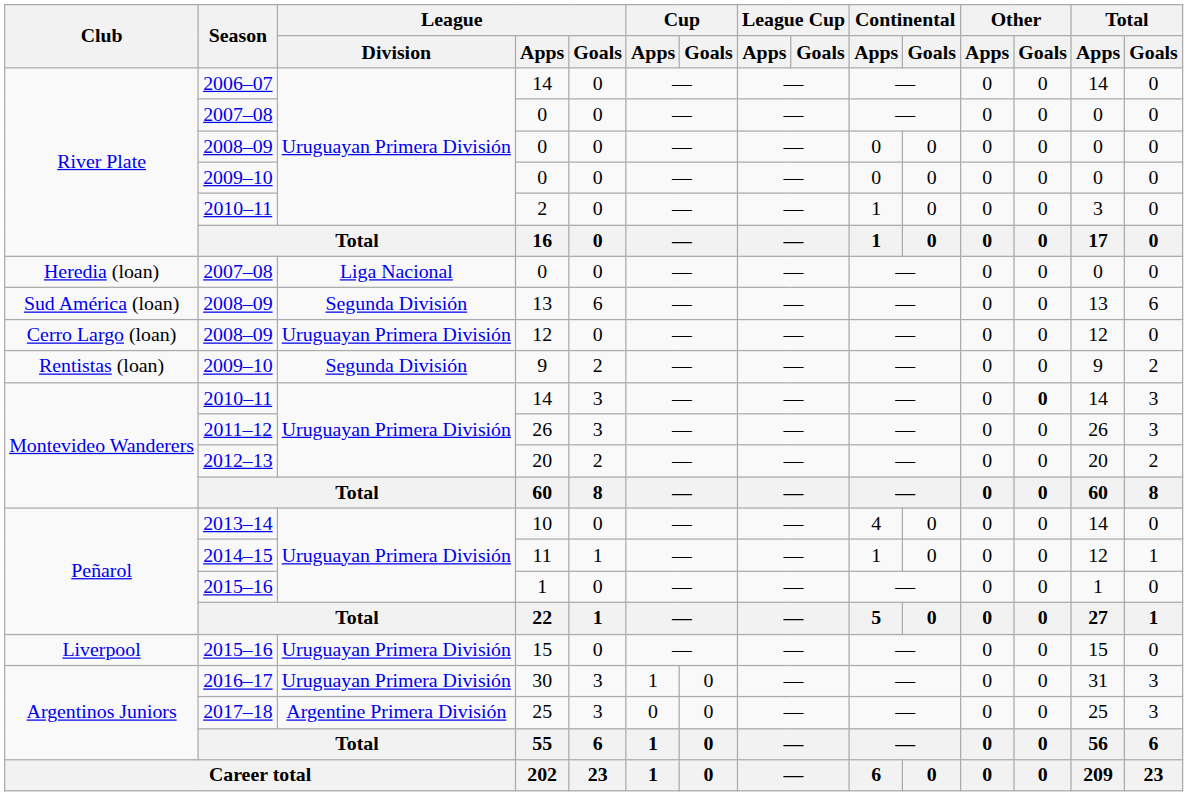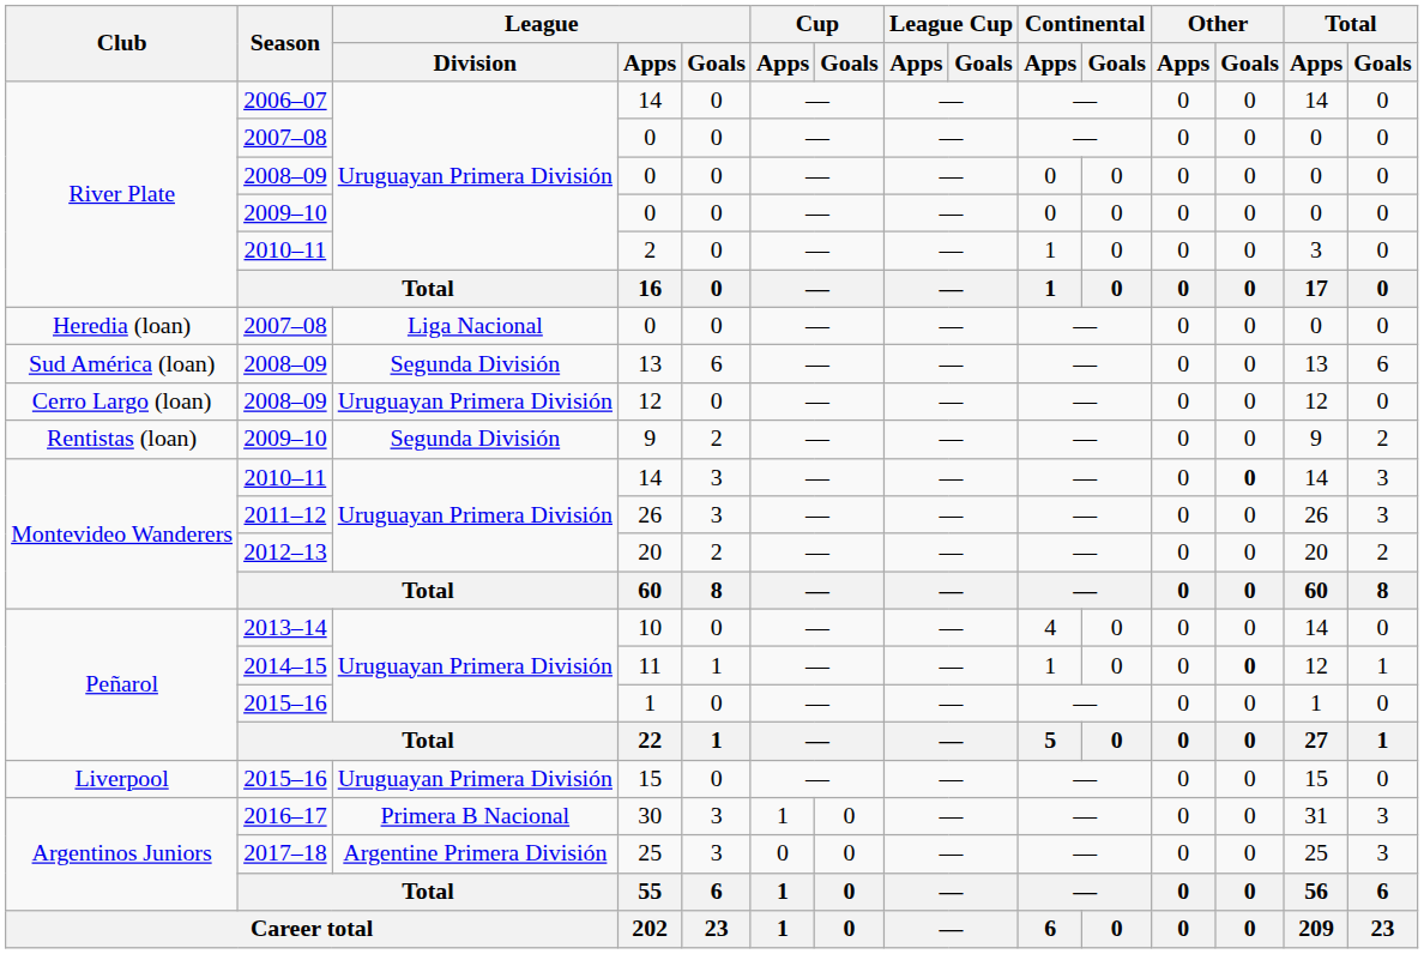 <table class="wikitable" style="text-align:center">
 <tr>
 <th rowspan="2">Club</th>
 <th rowspan="2">Season</th>
 <th colspan="3">League</th>
 <th colspan="2">Cup</th>
 <th colspan="2">League Cup</th>
 <th colspan="2">Continental</th>
 <th colspan="2">Other</th>
 <th colspan="2">Total</th>
 </tr>
 <tr>
 <th>Division</th>
 <th>Apps</th>
 <th>Goals</th>
 <th>Apps</th>
 <th>Goals</th>
 <th>Apps</th>
 <th>Goals</th>
 <th>Apps</th>
 <th>Goals</th>
 <th>Apps</th>
 <th>Goals</th>
 <th>Apps</th>
 <th>Goals</th>
 </tr>
 <tr>
 <td rowspan="6"><a href='#'>River Plate</a></td>
 <td><a href='#'>2006–07</a></td>
 <td rowspan="5"><a href='#'>Uruguayan Primera División</a></td>
 <td>14</td>
 <td>0</td>
 <td colspan="2">—</td>
 <td colspan="2">—</td>
 <td colspan="2">—</td>
 <td>0</td>
 <td>0</td>
 <td>14</td>
 <td>0</td>
 </tr>
 <tr>
 <td><a href='#'>2007–08</a></td>
 <td>0</td>
 <td>0</td>
 <td colspan="2">—</td>
 <td colspan="2">—</td>
 <td colspan="2">—</td>
 <td>0</td>
 <td>0</td>
 <td>0</td>
 <td>0</td>
 </tr>
 <tr>
 <td><a href='#'>2008–09</a></td>
 <td>0</td>
 <td>0</td>
 <td colspan="2">—</td>
 <td colspan="2">—</td>
 <td>0</td>
 <td>0</td>
 <td>0</td>
 <td>0</td>
 <td>0</td>
 <td>0</td>
 </tr>
 <tr>
 <td><a href='#'>2009–10</a></td>
 <td>0</td>
 <td>0</td>
 <td colspan="2">—</td>
 <td colspan="2">—</td>
 <td>0</td>
 <td>0</td>
 <td>0</td>
 <td>0</td>
 <td>0</td>
 <td>0</td>
 </tr>
 <tr>
 <td><a href='#'>2010–11</a></td>
 <td>2</td>
 <td>0</td>
 <td colspan="2">—</td>
 <td colspan="2">—</td>
 <td>1</td>
 <td>0</td>
 <td>0</td>
 <td>0</td>
 <td>3</td>
 <td>0</td>
 </tr>
 <tr>
 <th colspan="2">Total</th>
 <th>16</th>
 <th>0</th>
 <th colspan="2">—</th>
 <th colspan="2">—</th>
 <th>1</th>
 <th>0</th>
 <th>0</th>
 <th>0</th>
 <th>17</th>
 <th>0</th>
 </tr>
 <tr>
 <td rowspan="1"><a href='#'>Heredia</a> (loan)</td>
 <td><a href='#'>2007–08</a></td>
 <td rowspan="1"><a href='#'>Liga Nacional</a></td>
 <td>0</td>
 <td>0</td>
 <td colspan="2">—</td>
 <td colspan="2">—</td>
 <td colspan="2">—</td>
 <td>0</td>
 <td>0</td>
 <td>0</td>
 <td>0</td>
 </tr>
 <tr>
 <td rowspan="1"><a href='#'>Sud América</a> (loan)</td>
 <td><a href='#'>2008–09</a></td>
 <td rowspan="1"><a href='#'>Segunda División</a></td>
 <td>13</td>
 <td>6</td>
 <td colspan="2">—</td>
 <td colspan="2">—</td>
 <td colspan="2">—</td>
 <td>0</td>
 <td>0</td>
 <td>13</td>
 <td>6</td>
 </tr>
 <tr>
 <td rowspan="1"><a href='#'>Cerro Largo</a> (loan)</td>
 <td><a href='#'>2008–09</a></td>
 <td rowspan="1"><a href='#'>Uruguayan Primera División</a></td>
 <td>12</td>
 <td>0</td>
 <td colspan="2">—</td>
 <td colspan="2">—</td>
 <td colspan="2">—</td>
 <td>0</td>
 <td>0</td>
 <td>12</td>
 <td>0</td>
 </tr>
 <tr>
 <td rowspan="1"><a href='#'>Rentistas</a> (loan)</td>
 <td><a href='#'>2009–10</a></td>
 <td rowspan="1"><a href='#'>Segunda División</a></td>
 <td>9</td>
 <td>2</td>
 <td colspan="2">—</td>
 <td colspan="2">—</td>
 <td colspan="2">—</td>
 <td>0</td>
 <td>0</td>
 <td>9</td>
 <td>2</td>
 </tr>
 <tr>
 <td rowspan="4"><a href='#'>Montevideo Wanderers</a></td>
 <td><a href='#'>2010–11</a></td>
 <td rowspan="3"><a href='#'>Uruguayan Primera División</a></td>
 <td>14</td>
 <td>3</td>
 <td colspan="2">—</td>
 <td colspan="2">—</td>
 <td colspan="2">—</td>
 <td>0</td>
 <td><strong>0</strong></td>
 <td>14</td>
 <td>3</td>
 </tr>
 <tr>
 <td><a href='#'>2011–12</a></td>
 <td>26</td>
 <td>3</td>
 <td colspan="2">—</td>
 <td colspan="2">—</td>
 <td colspan="2">—</td>
 <td>0</td>
 <td>0</td>
 <td>26</td>
 <td>3</td>
 </tr>
 <tr>
 <td><a href='#'>2012–13</a></td>
 <td>20</td>
 <td>2</td>
 <td colspan="2">—</td>
 <td colspan="2">—</td>
 <td colspan="2">—</td>
 <td>0</td>
 <td>0</td>
 <td>20</td>
 <td>2</td>
 </tr>
 <tr>
 <th colspan="2">Total</th>
 <th>60</th>
 <th>8</th>
 <th colspan="2">—</th>
 <th colspan="2">—</th>
 <th colspan="2">—</th>
 <th>0</th>
 <th>0</th>
 <th>60</th>
 <th>8</th>
 </tr>
 <tr>
 <td rowspan="4"><a href='#'>Peñarol</a></td>
 <td><a href='#'>2013–14</a></td>
 <td rowspan="3"><a href='#'>Uruguayan Primera División</a></td>
 <td>10</td>
 <td>0</td>
 <td colspan="2">—</td>
 <td colspan="2">—</td>
 <td>4</td>
 <td>0</td>
 <td>0</td>
 <td>0</td>
 <td>14</td>
 <td>0</td>
 </tr>
 <tr>
 <td><a href='#'>2014–15</a></td>
 <td>11</td>
 <td>1</td>
 <td colspan="2">—</td>
 <td colspan="2">—</td>
 <td>1</td>
 <td>0</td>
 <td>0</td>
-<td>0</td>
+<td><strong>0</strong></td>
 <td>12</td>
 <td>1</td>
 </tr>
 <tr>
 <td><a href='#'>2015–16</a></td>
 <td>1</td>
 <td>0</td>
 <td colspan="2">—</td>
 <td colspan="2">—</td>
 <td colspan="2">—</td>
 <td>0</td>
 <td>0</td>
 <td>1</td>
 <td>0</td>
 </tr>
 <tr>
 <th colspan="2">Total</th>
 <th>22</th>
 <th>1</th>
 <th colspan="2">—</th>
 <th colspan="2">—</th>
 <th>5</th>
 <th>0</th>
 <th>0</th>
 <th>0</th>
 <th>27</th>
 <th>1</th>
 </tr>
 <tr>
 <td rowspan="1"><a href='#'>Liverpool</a></td>
 <td><a href='#'>2015–16</a></td>
 <td rowspan="1"><a href='#'>Uruguayan Primera División</a></td>
 <td>15</td>
 <td>0</td>
 <td colspan="2">—</td>
 <td colspan="2">—</td>
 <td colspan="2">—</td>
 <td>0</td>
 <td>0</td>
 <td>15</td>
 <td>0</td>
 </tr>
 <tr>
 <td rowspan="3"><a href='#'>Argentinos Juniors</a></td>
 <td><a href='#'>2016–17</a></td>
-<td rowspan="1"><a href='#'>Uruguayan Primera División</a></td>
+<td rowspan="1"><a href='#'>Primera B Nacional</a></td>
 <td>30</td>
 <td>3</td>
 <td>1</td>
 <td>0</td>
 <td colspan="2">—</td>
 <td colspan="2">—</td>
 <td>0</td>
 <td>0</td>
 <td>31</td>
 <td>3</td>
 </tr>
 <tr>
 <td><a href='#'>2017–18</a></td>
 <td rowspan="1"><a href='#'>Argentine Primera División</a></td>
 <td>25</td>
 <td>3</td>
 <td>0</td>
 <td>0</td>
 <td colspan="2">—</td>
 <td colspan="2">—</td>
 <td>0</td>
 <td>0</td>
 <td>25</td>
 <td>3</td>
 </tr>
 <tr>
 <th colspan="2">Total</th>
 <th>55</th>
 <th>6</th>
 <th>1</th>
 <th>0</th>
 <th colspan="2">—</th>
 <th colspan="2">—</th>
 <th>0</th>
 <th>0</th>
 <th>56</th>
 <th>6</th>
 </tr>
 <tr>
 <th colspan="3">Career total</th>
 <th>202</th>
 <th>23</th>
 <th>1</th>
 <th>0</th>
 <th colspan="2">—</th>
 <th>6</th>
 <th>0</th>
 <th>0</th>
 <th>0</th>
 <th>209</th>
 <th>23</th>
 </tr>
 </table>
